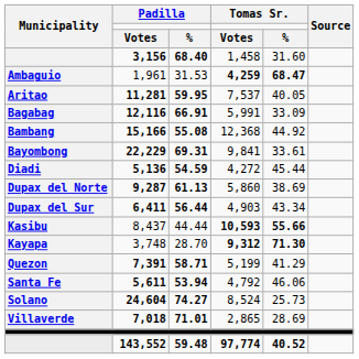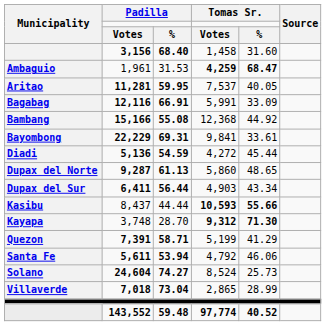 <table class="wikitable" style="text-align:right; font-size:83%">
 <tr>
 <th rowspan="3" style="width:100px;">Municipality</th>
 <th colspan="2" style="width:90px;"><a href='#'>Padilla</a></th>
 <th colspan="2" style="width:90px;">Tomas Sr.</th>
 <th rowspan="3">Source</th>
 </tr>
 <tr>
 <td colspan="2" style="background:"></td>
 <td colspan="2" style="background:"></td>
 </tr>
 <tr>
 <th>Votes</th>
 <th>%</th>
 <th>Votes</th>
 <th>%</th>
 </tr>
 <tr>
 <th style="text-align:left;"></th>
 <td style="background:"><strong>3,156</strong></td>
 <td style="background:"><strong>68.40</strong></td>
 <td>1,458</td>
 <td>31.60</td>
 <td style="text-align:center;"></td>
 </tr>
 <tr>
 <th style="text-align:left;"><a href='#'>Ambaguio</a></th>
 <td>1,961</td>
 <td>31.53</td>
 <td style="background:"><strong>4,259</strong></td>
 <td style="background:"><strong>68.47</strong></td>
 <td style="text-align:center;"></td>
 </tr>
 <tr>
 <th style="text-align:left;"><a href='#'>Aritao</a></th>
 <td style="background:"><strong>11,281</strong></td>
 <td style="background:"><strong>59.95</strong></td>
 <td>7,537</td>
 <td>40.05</td>
 <td style="text-align:center;"></td>
 </tr>
 <tr>
 <th style="text-align:left;"><a href='#'>Bagabag</a></th>
 <td style="background:"><strong>12,116</strong></td>
 <td style="background:"><strong>66.91</strong></td>
 <td>5,991</td>
 <td>33.09</td>
 <td style="text-align:center;"></td>
 </tr>
 <tr>
 <th style="text-align:left;"><a href='#'>Bambang</a></th>
 <td style="background:"><strong>15,166</strong></td>
 <td style="background:"><strong>55.08</strong></td>
 <td>12,368</td>
 <td>44.92</td>
 <td style="text-align:center;"></td>
 </tr>
 <tr>
 <th style="text-align:left;"><a href='#'>Bayombong</a></th>
 <td style="background:"><strong>22,229</strong></td>
 <td style="background:"><strong>69.31</strong></td>
 <td>9,841</td>
 <td>33.61</td>
 <td style="text-align:center;"></td>
 </tr>
 <tr>
 <th style="text-align:left;"><a href='#'>Diadi</a></th>
 <td style="background:"><strong>5,136</strong></td>
 <td style="background:"><strong>54.59</strong></td>
 <td>4,272</td>
 <td>45.44</td>
 <td style="text-align:center;"></td>
 </tr>
 <tr>
 <th style="text-align:left;"><a href='#'>Dupax del Norte</a></th>
 <td style="background:"><strong>9,287</strong></td>
 <td style="background:"><strong>61.13</strong></td>
 <td>5,860</td>
-<td>38.69</td>
+<td>48.65</td>
 <td style="text-align:center;"></td>
 </tr>
 <tr>
 <th style="text-align:left;"><a href='#'>Dupax del Sur</a></th>
 <td style="background:"><strong>6,411</strong></td>
 <td style="background:"><strong>56.44</strong></td>
 <td>4,903</td>
 <td>43.34</td>
 <td style="text-align:center;"></td>
 </tr>
 <tr>
 <th style="text-align:left;"><a href='#'>Kasibu</a></th>
 <td>8,437</td>
 <td>44.44</td>
 <td style="background:"><strong>10,593</strong></td>
 <td style="background:"><strong>55.66</strong></td>
 <td style="text-align:center;"></td>
 </tr>
 <tr>
 <th style="text-align:left;"><a href='#'>Kayapa</a></th>
 <td>3,748</td>
 <td>28.70</td>
 <td style="background:"><strong>9,312</strong></td>
 <td style="background:"><strong>71.30</strong></td>
 <td style="text-align:center;"></td>
 </tr>
 <tr>
 <th style="text-align:left;"><a href='#'>Quezon</a></th>
 <td style="background:"><strong>7,391</strong></td>
 <td style="background:"><strong>58.71</strong></td>
 <td>5,199</td>
 <td>41.29</td>
 <td style="text-align:center;"></td>
 </tr>
 <tr>
 <th style="text-align:left;"><a href='#'>Santa Fe</a></th>
 <td style="background:"><strong>5,611</strong></td>
 <td style="background:"><strong>53.94</strong></td>
 <td>4,792</td>
 <td>46.06</td>
 <td style="text-align:center;"></td>
 </tr>
 <tr>
 <th style="text-align:left;"><a href='#'>Solano</a></th>
 <td style="background:"><strong>24,604</strong></td>
 <td style="background:"><strong>74.27</strong></td>
 <td>8,524</td>
 <td>25.73</td>
 <td style="text-align:center;"></td>
 </tr>
 <tr>
 <th style="text-align:left;"><a href='#'>Villaverde</a></th>
 <td style="background:"><strong>7,018</strong></td>
-<td style="background:"><strong>71.01</strong></td>
+<td style="background:"><strong>73.04</strong></td>
 <td>2,865</td>
-<td>28.69</td>
+<td>28.99</td>
 <td style="text-align:center;"></td>
 </tr>
 <tr>
 <td colspan="6" style="background-color:#000000;"></td>
 </tr>
 <tr>
 <td style="background-color:#ECECEC;"><strong></strong></td>
 <td style="background:"><strong>143,552</strong></td>
 <td style="background:"><strong>59.48</strong></td>
 <td style="background:"><strong>97,774</strong></td>
 <td style="background:"><strong>40.52</strong></td>
 <td style="text-align:center;"></td>
 </tr>
 </table>
